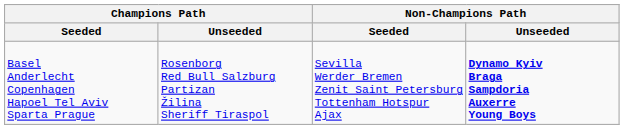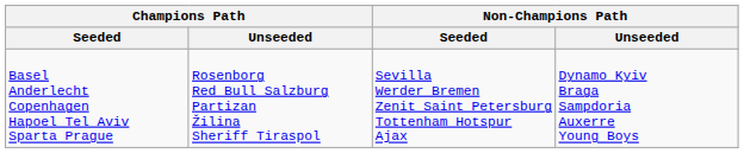 <table class="wikitable" style="font-size:80%">
 <tr>
 <th colspan=2>Champions Path</th>
 <th colspan=2>Non-Champions Path</th>
 </tr>
 <tr>
 <th width=25%>Seeded</th>
 <th width=25%>Unseeded</th>
 <th width=25%>Seeded</th>
 <th width=25%>Unseeded</th>
 </tr>
 <tr>
 <td valign=top><br> <a href='#'>Basel</a><br>  <a href='#'>Anderlecht</a><br>  <a href='#'>Copenhagen</a><br>  <a href='#'>Hapoel Tel Aviv</a><br>  <a href='#'>Sparta Prague</a></td>
 <td valign=top><br> <a href='#'>Rosenborg</a><br>  <a href='#'>Red Bull Salzburg</a><br>  <a href='#'>Partizan</a><br>  <a href='#'>Žilina</a><br>  <a href='#'>Sheriff Tiraspol</a></td>
 <td valign=top><br> <a href='#'>Sevilla</a><br>  <a href='#'>Werder Bremen</a><br>  <a href='#'>Zenit Saint Petersburg</a><br>  <a href='#'>Tottenham Hotspur</a><br>  <a href='#'>Ajax</a></td>
-<td valign=top><strong><br> <a href='#'>Dynamo Kyiv</a><br>  <a href='#'>Braga</a><br>  <a href='#'>Sampdoria</a><br>  <a href='#'>Auxerre</a><br>  <a href='#'>Young Boys</a></strong></td>
+<td valign=top><br> <a href='#'>Dynamo Kyiv</a><br>  <a href='#'>Braga</a><br>  <a href='#'>Sampdoria</a><br>  <a href='#'>Auxerre</a><br>  <a href='#'>Young Boys</a></td>
 </tr>
 </table>
